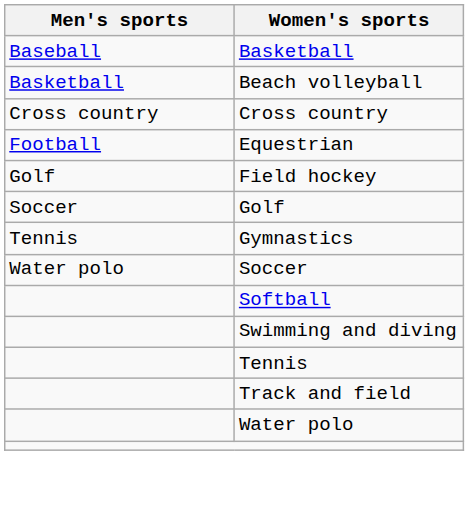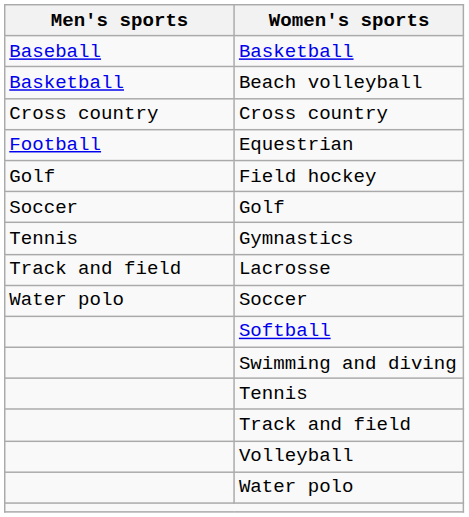 <table class="wikitable" style= " ">
 <tr>
 <th width=150px>Men's sports</th>
 <th width=150px>Women's sports</th>
 </tr>
 <tr>
 <td><a href='#'>Baseball</a></td>
 <td><a href='#'>Basketball</a></td>
 </tr>
 <tr>
 <td><a href='#'>Basketball</a></td>
 <td>Beach volleyball</td>
 </tr>
 <tr>
 <td>Cross country</td>
 <td>Cross country</td>
 </tr>
 <tr>
 <td><a href='#'>Football</a></td>
 <td>Equestrian</td>
 </tr>
 <tr>
 <td>Golf</td>
 <td>Field hockey</td>
 </tr>
 <tr>
 <td>Soccer</td>
 <td>Golf</td>
 </tr>
 <tr>
 <td>Tennis</td>
 <td>Gymnastics</td>
 </tr>
 <tr>
+<td>Track and field</td>
+<td>Lacrosse</td>
+</tr>
+<tr>
 <td>Water polo</td>
 <td>Soccer</td>
 </tr>
 <tr>
 <td></td>
 <td><a href='#'>Softball</a></td>
 </tr>
 <tr>
 <td></td>
 <td>Swimming and diving</td>
 </tr>
 <tr>
 <td></td>
 <td>Tennis</td>
 </tr>
 <tr>
 <td></td>
 <td>Track and field</td>
 </tr>
 <tr>
 <td></td>
+<td>Volleyball</td>
+</tr>
+<tr>
+<td></td>
 <td>Water polo</td>
 </tr>
 <tr>
 <td colspan="2"></td>
 </tr>
 </table>
